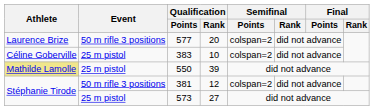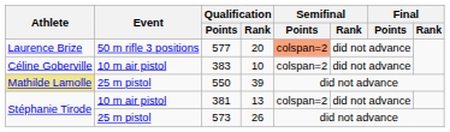 <table class="wikitable" style="font-size:90%">
 <tr>
 <th rowspan="2">Athlete</th>
 <th rowspan="2">Event</th>
 <th colspan=2>Qualification</th>
 <th colspan=2>Semifinal</th>
 <th colspan=2>Final</th>
 </tr>
 <tr style="font-size:95%">
 <th>Points</th>
 <th>Rank</th>
 <th>Points</th>
 <th>Rank</th>
 <th>Points</th>
 <th>Rank</th>
 </tr>
 <tr align=center>
 <td align=left><a href='#'>Laurence Brize</a></td>
 <td align=left><a href='#'>50 m rifle 3 positions</a></td>
 <td>577</td>
 <td>20</td>
-<td>colspan=2 </td>
+<td style="background: lightsalmon;">colspan=2 </td>
 <td colspan=2>did not advance</td>
 </tr>
 <tr align=center>
 <td align=left><a href='#'>Céline Goberville</a></td>
-<td align=left><a href='#'>25 m pistol</a></td>
+<td align=left><a href='#'>10 m air pistol</a></td>
 <td>383</td>
 <td>10</td>
 <td>colspan=2 </td>
 <td colspan=2>did not advance</td>
 </tr>
 <tr align=center>
 <td align=left style="background: khaki;"><a href='#'>Mathilde Lamolle</a></td>
 <td align=left><a href='#'>25 m pistol</a></td>
 <td>550</td>
 <td>39</td>
 <td colspan=4>did not advance</td>
 </tr>
 <tr align=center>
 <td style="text-align:left;" rowspan="2"><a href='#'>Stéphanie Tirode</a></td>
-<td align=left><a href='#'>50 m rifle 3 positions</a></td>
+<td align=left><a href='#'>10 m air pistol</a></td>
 <td>381</td>
-<td>12</td>
+<td>13</td>
 <td>colspan=2 </td>
 <td colspan=2>did not advance</td>
 </tr>
 <tr align=center>
 <td align=left><a href='#'>25 m pistol</a></td>
 <td>573</td>
-<td>27</td>
+<td>26</td>
 <td colspan=4>did not advance</td>
 </tr>
 </table>
